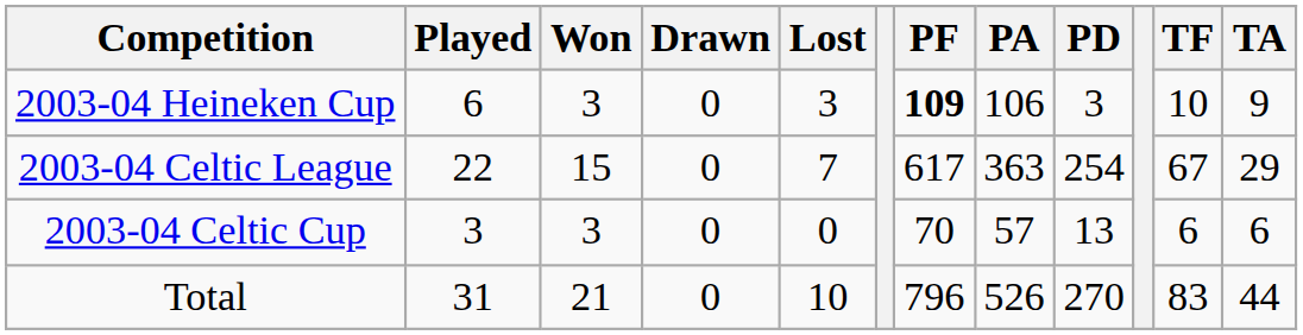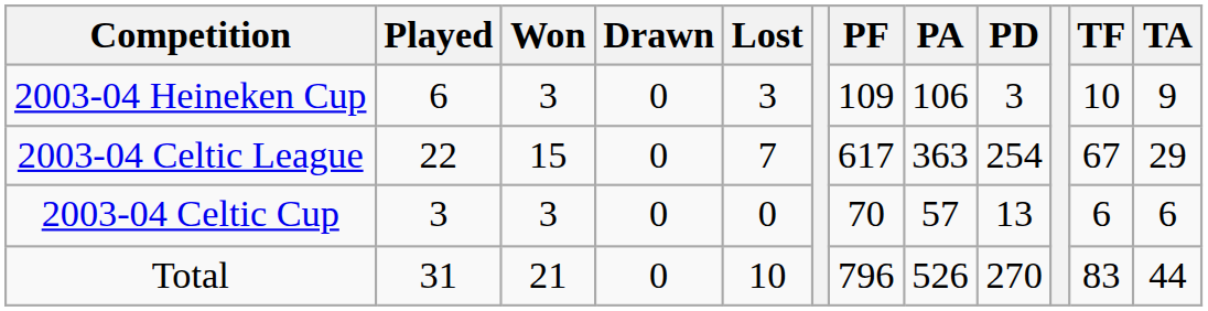 <table class="wikitable">
 <tr>
 <th>Competition</th>
 <th>Played</th>
 <th>Won</th>
 <th>Drawn</th>
 <th>Lost</th>
 <th rowspan="5"></th>
 <th>PF</th>
 <th>PA</th>
 <th>PD</th>
 <th rowspan="5"></th>
 <th>TF</th>
 <th>TA</th>
 </tr>
 <tr align=center>
 <td><a href='#'>2003-04 Heineken Cup</a></td>
 <td>6</td>
 <td>3</td>
 <td>0</td>
 <td>3</td>
-<td><strong>109</strong></td>
+<td>109</td>
 <td>106</td>
 <td>3</td>
 <td>10</td>
 <td>9</td>
 </tr>
 <tr align=center>
 <td><a href='#'>2003-04 Celtic League</a></td>
 <td>22</td>
 <td>15</td>
 <td>0</td>
 <td>7</td>
 <td>617</td>
 <td>363</td>
 <td>254</td>
 <td>67</td>
 <td>29</td>
 </tr>
 <tr align=center>
 <td><a href='#'>2003-04 Celtic Cup</a></td>
 <td>3</td>
 <td>3</td>
 <td>0</td>
 <td>0</td>
 <td>70</td>
 <td>57</td>
 <td>13</td>
 <td>6</td>
 <td>6</td>
 </tr>
 <tr align=center>
 <td>Total</td>
 <td>31</td>
 <td>21</td>
 <td>0</td>
 <td>10</td>
 <td>796</td>
 <td>526</td>
 <td>270</td>
 <td>83</td>
 <td>44</td>
 </tr>
 </table>
